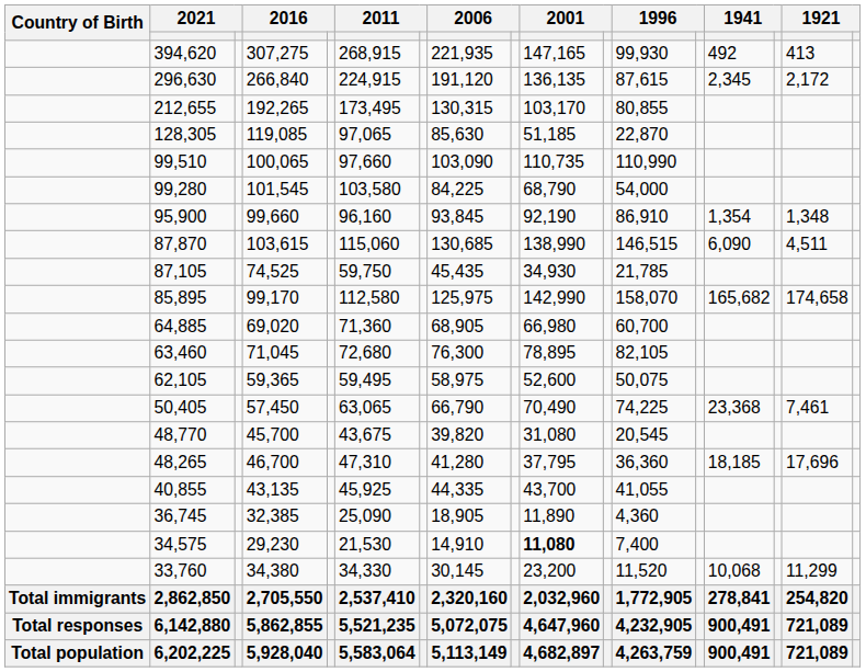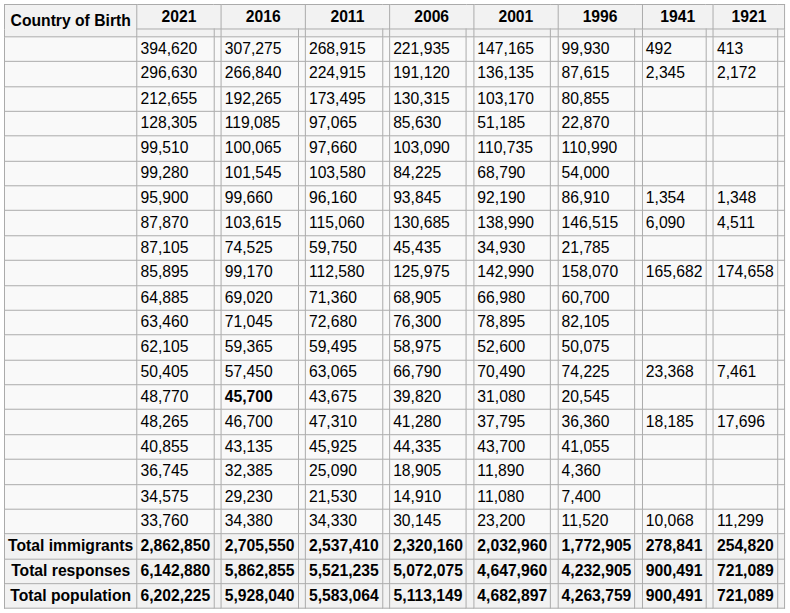 <table class="wikitable sortable">
 <tr>
 <th rowspan="2">Country of Birth</th>
 <th colspan="2">2021</th>
 <th colspan="2">2016</th>
 <th colspan="2">2011</th>
 <th colspan="2">2006</th>
 <th colspan="2">2001</th>
 <th colspan="2">1996</th>
 <th colspan="2">1941</th>
 <th colspan="2">1921</th>
 </tr>
 <tr>
 <th><a href='#'></a></th>
 <th></th>
 <th></th>
 <th></th>
 <th></th>
 <th></th>
 <th></th>
 <th></th>
 <th></th>
 <th></th>
 <th></th>
 <th></th>
 <th></th>
 <th></th>
 <th></th>
 <th></th>
 </tr>
 <tr>
 <td></td>
 <td>394,620</td>
 <td></td>
 <td>307,275</td>
 <td></td>
 <td>268,915</td>
 <td></td>
 <td>221,935</td>
 <td></td>
 <td>147,165</td>
 <td></td>
 <td>99,930</td>
 <td></td>
 <td>492</td>
 <td></td>
 <td>413</td>
 <td></td>
 </tr>
 <tr>
 <td></td>
 <td>296,630</td>
 <td></td>
 <td>266,840</td>
 <td></td>
 <td>224,915</td>
 <td></td>
 <td>191,120</td>
 <td></td>
 <td>136,135</td>
 <td></td>
 <td>87,615</td>
 <td></td>
 <td>2,345</td>
 <td></td>
 <td>2,172</td>
 <td></td>
 </tr>
 <tr>
 <td></td>
 <td>212,655</td>
 <td></td>
 <td>192,265</td>
 <td></td>
 <td>173,495</td>
 <td></td>
 <td>130,315</td>
 <td></td>
 <td>103,170</td>
 <td></td>
 <td>80,855</td>
 <td></td>
 <td></td>
 <td></td>
 <td></td>
 <td></td>
 </tr>
 <tr>
 <td></td>
 <td>128,305</td>
 <td></td>
 <td>119,085</td>
 <td></td>
 <td>97,065</td>
 <td></td>
 <td>85,630</td>
 <td></td>
 <td>51,185</td>
 <td></td>
 <td>22,870</td>
 <td></td>
 <td></td>
 <td></td>
 <td></td>
 <td></td>
 </tr>
 <tr>
 <td></td>
 <td>99,510</td>
 <td></td>
 <td>100,065</td>
 <td></td>
 <td>97,660</td>
 <td></td>
 <td>103,090</td>
 <td></td>
 <td>110,735</td>
 <td></td>
 <td>110,990</td>
 <td></td>
 <td></td>
 <td></td>
 <td></td>
 <td></td>
 </tr>
 <tr>
 <td></td>
 <td>99,280</td>
 <td></td>
 <td>101,545</td>
 <td></td>
 <td>103,580</td>
 <td></td>
 <td>84,225</td>
 <td></td>
 <td>68,790</td>
 <td></td>
 <td>54,000</td>
 <td></td>
 <td></td>
 <td></td>
 <td></td>
 <td></td>
 </tr>
 <tr>
 <td></td>
 <td>95,900</td>
 <td></td>
 <td>99,660</td>
 <td></td>
 <td>96,160</td>
 <td></td>
 <td>93,845</td>
 <td></td>
 <td>92,190</td>
 <td></td>
 <td>86,910</td>
 <td></td>
 <td>1,354</td>
 <td></td>
 <td>1,348</td>
 <td></td>
 </tr>
 <tr>
 <td></td>
 <td>87,870</td>
 <td></td>
 <td>103,615</td>
 <td></td>
 <td>115,060</td>
 <td></td>
 <td>130,685</td>
 <td></td>
 <td>138,990</td>
 <td></td>
 <td>146,515</td>
 <td></td>
 <td>6,090</td>
 <td></td>
 <td>4,511</td>
 <td></td>
 </tr>
 <tr>
 <td></td>
 <td>87,105</td>
 <td></td>
 <td>74,525</td>
 <td></td>
 <td>59,750</td>
 <td></td>
 <td>45,435</td>
 <td></td>
 <td>34,930</td>
 <td></td>
 <td>21,785</td>
 <td></td>
 <td></td>
 <td></td>
 <td></td>
 <td></td>
 </tr>
 <tr>
 <td></td>
 <td>85,895</td>
 <td></td>
 <td>99,170</td>
 <td></td>
 <td>112,580</td>
 <td></td>
 <td>125,975</td>
 <td></td>
 <td>142,990</td>
 <td></td>
 <td>158,070</td>
 <td></td>
 <td>165,682</td>
 <td></td>
 <td>174,658</td>
 <td></td>
 </tr>
 <tr>
 <td></td>
 <td>64,885</td>
 <td></td>
 <td>69,020</td>
 <td></td>
 <td>71,360</td>
 <td></td>
 <td>68,905</td>
 <td></td>
 <td>66,980</td>
 <td></td>
 <td>60,700</td>
 <td></td>
 <td></td>
 <td></td>
 <td></td>
 <td></td>
 </tr>
 <tr>
 <td></td>
 <td>63,460</td>
 <td></td>
 <td>71,045</td>
 <td></td>
 <td>72,680</td>
 <td></td>
 <td>76,300</td>
 <td></td>
 <td>78,895</td>
 <td></td>
 <td>82,105</td>
 <td></td>
 <td></td>
 <td></td>
 <td></td>
 <td></td>
 </tr>
 <tr>
 <td></td>
 <td>62,105</td>
 <td></td>
 <td>59,365</td>
 <td></td>
 <td>59,495</td>
 <td></td>
 <td>58,975</td>
 <td></td>
 <td>52,600</td>
 <td></td>
 <td>50,075</td>
 <td></td>
 <td></td>
 <td></td>
 <td></td>
 <td></td>
 </tr>
 <tr>
 <td></td>
 <td>50,405</td>
 <td></td>
 <td>57,450</td>
 <td></td>
 <td>63,065</td>
 <td></td>
 <td>66,790</td>
 <td></td>
 <td>70,490</td>
 <td></td>
 <td>74,225</td>
 <td></td>
 <td>23,368</td>
 <td></td>
 <td>7,461</td>
 <td></td>
 </tr>
 <tr>
 <td></td>
 <td>48,770</td>
 <td></td>
-<td>45,700</td>
+<td><strong>45,700</strong></td>
 <td></td>
 <td>43,675</td>
 <td></td>
 <td>39,820</td>
 <td></td>
 <td>31,080</td>
 <td></td>
 <td>20,545</td>
 <td></td>
 <td></td>
 <td></td>
 <td></td>
 <td></td>
 </tr>
 <tr>
 <td></td>
 <td>48,265</td>
 <td></td>
 <td>46,700</td>
 <td></td>
 <td>47,310</td>
 <td></td>
 <td>41,280</td>
 <td></td>
 <td>37,795</td>
 <td></td>
 <td>36,360</td>
 <td></td>
 <td>18,185</td>
 <td></td>
 <td>17,696</td>
 <td></td>
 </tr>
 <tr>
 <td></td>
 <td>40,855</td>
 <td></td>
 <td>43,135</td>
 <td></td>
 <td>45,925</td>
 <td></td>
 <td>44,335</td>
 <td></td>
 <td>43,700</td>
 <td></td>
 <td>41,055</td>
 <td></td>
 <td></td>
 <td></td>
 <td></td>
 <td></td>
 </tr>
 <tr>
 <td></td>
 <td>36,745</td>
 <td></td>
 <td>32,385</td>
 <td></td>
 <td>25,090</td>
 <td></td>
 <td>18,905</td>
 <td></td>
 <td>11,890</td>
 <td></td>
 <td>4,360</td>
 <td></td>
 <td></td>
 <td></td>
 <td></td>
 <td></td>
 </tr>
 <tr>
 <td></td>
 <td>34,575</td>
 <td></td>
 <td>29,230</td>
 <td></td>
 <td>21,530</td>
 <td></td>
 <td>14,910</td>
 <td></td>
-<td><strong>11,080</strong></td>
+<td>11,080</td>
 <td></td>
 <td>7,400</td>
 <td></td>
 <td></td>
 <td></td>
 <td></td>
 <td></td>
 </tr>
 <tr>
 <td></td>
 <td>33,760</td>
 <td></td>
 <td>34,380</td>
 <td></td>
 <td>34,330</td>
 <td></td>
 <td>30,145</td>
 <td></td>
 <td>23,200</td>
 <td></td>
 <td>11,520</td>
 <td></td>
 <td>10,068</td>
 <td></td>
 <td>11,299</td>
 <td></td>
 </tr>
 <tr>
 <th>Total immigrants</th>
 <th>2,862,850</th>
 <th></th>
 <th>2,705,550</th>
 <th></th>
 <th>2,537,410</th>
 <th></th>
 <th>2,320,160</th>
 <th></th>
 <th>2,032,960</th>
 <th></th>
 <th>1,772,905</th>
 <th></th>
 <th>278,841</th>
 <th></th>
 <th>254,820</th>
 <th></th>
 </tr>
 <tr class="sortbottom">
 <th>Total responses</th>
 <th>6,142,880</th>
 <th></th>
 <th>5,862,855</th>
 <th></th>
 <th>5,521,235</th>
 <th></th>
 <th>5,072,075</th>
 <th></th>
 <th>4,647,960</th>
 <th></th>
 <th>4,232,905</th>
 <th></th>
 <th>900,491</th>
 <th></th>
 <th>721,089</th>
 <th></th>
 </tr>
 <tr class="sortbottom">
 <th>Total population</th>
 <th>6,202,225</th>
 <th></th>
 <th>5,928,040</th>
 <th></th>
 <th>5,583,064</th>
 <th></th>
 <th>5,113,149</th>
 <th></th>
 <th>4,682,897</th>
 <th></th>
 <th>4,263,759</th>
 <th></th>
 <th>900,491</th>
 <th></th>
 <th>721,089</th>
 <th></th>
 </tr>
 </table>
